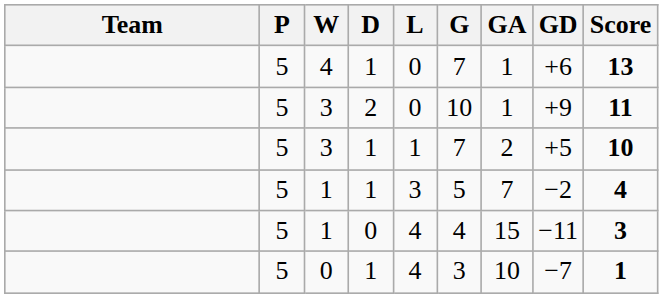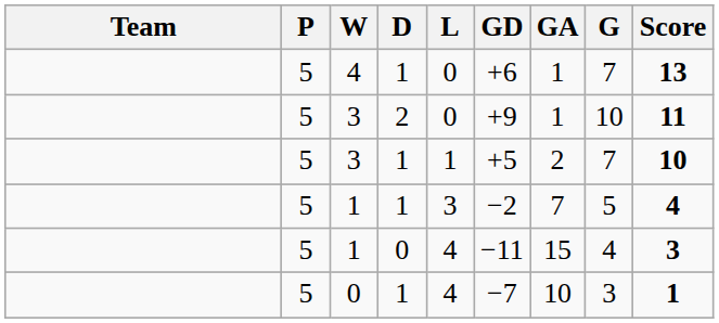 <table class="wikitable" style="text-align:center;">
 <tr>
 <th width=150>Team</th>
 <th width=20>P</th>
 <th width=20>W</th>
 <th width=20>D</th>
 <th width=20>L</th>
+<th width=20>GD</th>
+<th width=20>GA</th>
 <th width=20>G</th>
-<th width=20>GA</th>
-<th width=20>GD</th>
 <th width=20>Score</th>
 </tr>
 <tr>
 <td align="left"></td>
 <td>5</td>
 <td>4</td>
 <td>1</td>
 <td>0</td>
+<td>+6</td>
+<td>1</td>
 <td>7</td>
-<td>1</td>
-<td>+6</td>
 <td><strong>13</strong></td>
 </tr>
 <tr>
 <td align="left"></td>
 <td>5</td>
 <td>3</td>
 <td>2</td>
 <td>0</td>
+<td>+9</td>
+<td>1</td>
 <td>10</td>
-<td>1</td>
-<td>+9</td>
 <td><strong>11</strong></td>
 </tr>
 <tr>
 <td align="left"></td>
 <td>5</td>
 <td>3</td>
 <td>1</td>
 <td>1</td>
+<td>+5</td>
+<td>2</td>
 <td>7</td>
-<td>2</td>
-<td>+5</td>
 <td><strong>10</strong></td>
 </tr>
 <tr>
 <td align="left"></td>
 <td>5</td>
 <td>1</td>
 <td>1</td>
 <td>3</td>
+<td>−2</td>
+<td>7</td>
 <td>5</td>
-<td>7</td>
-<td>−2</td>
 <td><strong>4</strong></td>
 </tr>
 <tr>
 <td align="left"></td>
 <td>5</td>
 <td>1</td>
 <td>0</td>
 <td>4</td>
+<td>−11</td>
+<td>15</td>
 <td>4</td>
-<td>15</td>
-<td>−11</td>
 <td><strong>3</strong></td>
 </tr>
 <tr>
 <td align="left"></td>
 <td>5</td>
 <td>0</td>
 <td>1</td>
 <td>4</td>
+<td>−7</td>
+<td>10</td>
 <td>3</td>
-<td>10</td>
-<td>−7</td>
 <td><strong>1</strong></td>
 </tr>
 </table>
